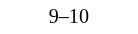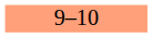 <table style="text-align:center">
 <tr>
 <th width=200></th>
 <th width=100></th>
 <th width=200></th>
 </tr>
 <tr>
 <td align=right></td>
-<td>9–10</td>
+<td style="background: lightsalmon;">9–10</td>
 <td align=left><strong></strong></td>
 </tr>
 </table>
